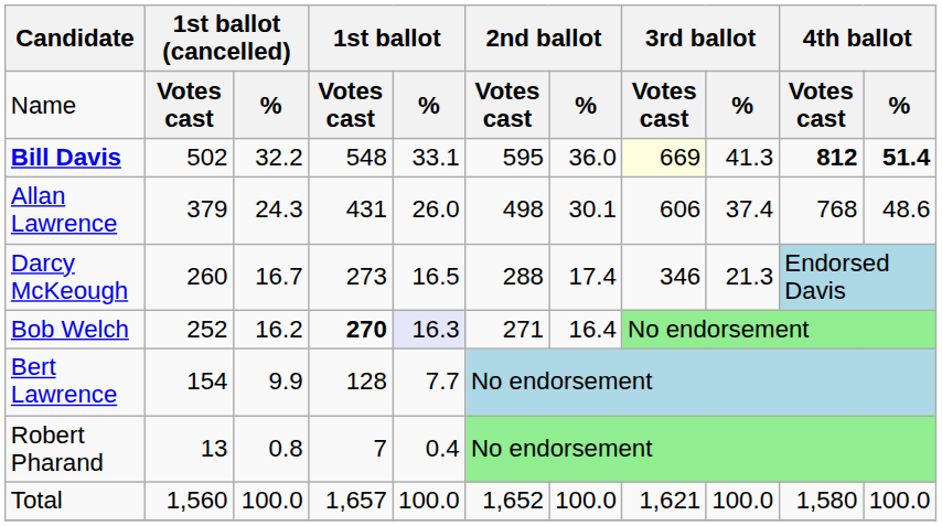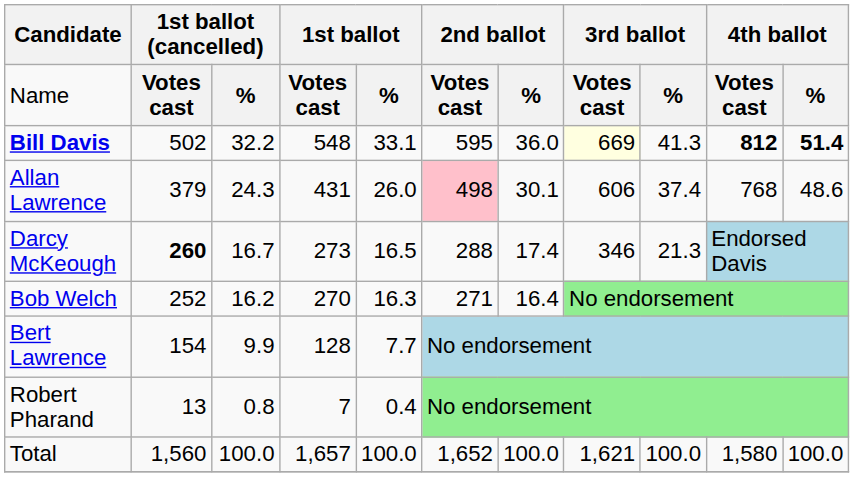 <table class="wikitable" style="text-align:right">
 <tr>
 <th>Candidate</th>
 <th colspan = "2">1st ballot (cancelled)</th>
 <th colspan = "2">1st ballot</th>
 <th colspan = "2">2nd ballot</th>
 <th colspan = "2">3rd ballot</th>
 <th colspan = "2">4th ballot</th>
 </tr>
 <tr>
 <td style="text-align:left">Name</td>
 <th>Votes cast</th>
 <th>%</th>
 <th>Votes cast</th>
 <th>%</th>
 <th>Votes cast</th>
 <th>%</th>
 <th>Votes cast</th>
 <th>%</th>
 <th>Votes cast</th>
 <th>%</th>
 </tr>
 <tr>
 <td style="text-align:left"><strong><a href='#'>Bill Davis</a></strong></td>
 <td>502</td>
 <td>32.2</td>
 <td>548</td>
 <td>33.1</td>
 <td>595</td>
 <td>36.0</td>
 <td style="background: lightyellow;">669</td>
 <td>41.3</td>
 <td><strong>812</strong></td>
 <td><strong>51.4</strong></td>
 </tr>
 <tr>
 <td style="text-align:left"><a href='#'>Allan Lawrence</a></td>
 <td>379</td>
 <td>24.3</td>
 <td>431</td>
 <td>26.0</td>
-<td>498</td>
+<td style="background: pink;">498</td>
 <td>30.1</td>
 <td>606</td>
 <td>37.4</td>
 <td>768</td>
 <td>48.6</td>
 </tr>
 <tr>
 <td style="text-align:left"><a href='#'>Darcy McKeough</a></td>
-<td>260</td>
+<td><strong>260</strong></td>
 <td>16.7</td>
 <td>273</td>
 <td>16.5</td>
 <td>288</td>
 <td>17.4</td>
 <td>346</td>
 <td>21.3</td>
 <td style="text-align:left;background:lightblue" colspan = "2">Endorsed Davis</td>
 </tr>
 <tr>
 <td style="text-align:left"><a href='#'>Bob Welch</a></td>
 <td>252</td>
 <td>16.2</td>
-<td><strong>270</strong></td>
-<td style="background: lavender;">16.3</td>
+<td>270</td>
+<td>16.3</td>
 <td>271</td>
 <td>16.4</td>
 <td style="text-align:left;background:lightgreen" colspan = "4">No endorsement</td>
 </tr>
 <tr>
 <td style="text-align:left"><a href='#'>Bert Lawrence</a></td>
 <td>154</td>
 <td>9.9</td>
 <td>128</td>
 <td>7.7</td>
 <td style="text-align:left;background:lightblue" colspan = "6">No endorsement</td>
 </tr>
 <tr>
 <td style="text-align:left">Robert Pharand</td>
 <td>13</td>
 <td>0.8</td>
 <td>7</td>
 <td>0.4</td>
 <td style="text-align:left;background:lightgreen" colspan = "6">No endorsement</td>
 </tr>
 <tr>
 <td style="text-align:left">Total</td>
 <td>1,560</td>
 <td>100.0</td>
 <td>1,657</td>
 <td>100.0</td>
 <td>1,652</td>
 <td>100.0</td>
 <td>1,621</td>
 <td>100.0</td>
 <td>1,580</td>
 <td>100.0</td>
 </tr>
 <tr>
 </tr>
 </table>
